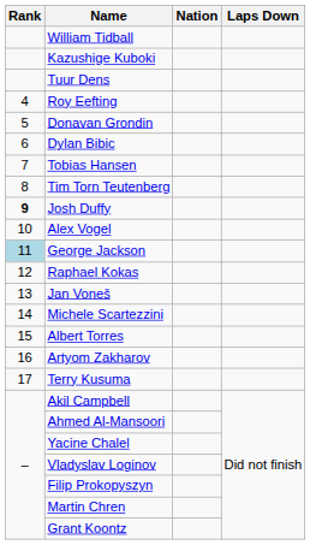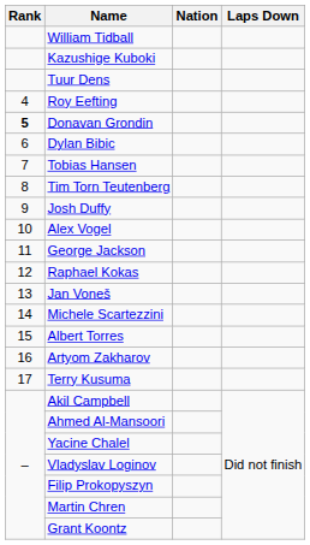 <table class="wikitable sortable" style="text-align:center">
 <tr>
 <th>Rank</th>
 <th>Name</th>
 <th>Nation</th>
 <th>Laps Down</th>
 </tr>
 <tr>
 <td></td>
 <td align=left><a href='#'>William Tidball</a></td>
 <td align=left></td>
 <td></td>
 </tr>
 <tr>
 <td></td>
 <td align=left><a href='#'>Kazushige Kuboki</a></td>
 <td align=left></td>
 <td></td>
 </tr>
 <tr>
 <td></td>
 <td align=left><a href='#'>Tuur Dens</a></td>
 <td align=left></td>
 <td></td>
 </tr>
 <tr>
 <td>4</td>
 <td align=left><a href='#'>Roy Eefting</a></td>
 <td align=left></td>
 <td></td>
 </tr>
 <tr>
-<td>5</td>
+<td><strong>5</strong></td>
 <td align=left><a href='#'>Donavan Grondin</a></td>
 <td align=left></td>
 <td></td>
 </tr>
 <tr>
 <td>6</td>
 <td align=left><a href='#'>Dylan Bibic</a></td>
 <td align=left></td>
 <td></td>
 </tr>
 <tr>
 <td>7</td>
 <td align=left><a href='#'>Tobias Hansen</a></td>
 <td align=left></td>
 <td></td>
 </tr>
 <tr>
 <td>8</td>
 <td align=left><a href='#'>Tim Torn Teutenberg</a></td>
 <td align=left></td>
 <td></td>
 </tr>
 <tr>
-<td><strong>9</strong></td>
+<td>9</td>
 <td align=left><a href='#'>Josh Duffy</a></td>
 <td align=left></td>
 <td></td>
 </tr>
 <tr>
 <td>10</td>
 <td align=left><a href='#'>Alex Vogel</a></td>
 <td align=left></td>
 <td></td>
 </tr>
 <tr>
-<td style="background: lightblue;">11</td>
+<td>11</td>
 <td align=left><a href='#'>George Jackson</a></td>
 <td align=left></td>
 <td></td>
 </tr>
 <tr>
 <td>12</td>
 <td align=left><a href='#'>Raphael Kokas</a></td>
 <td align=left></td>
 <td></td>
 </tr>
 <tr>
 <td>13</td>
 <td align=left><a href='#'>Jan Voneš</a></td>
 <td align=left></td>
 <td></td>
 </tr>
 <tr>
 <td>14</td>
 <td align=left><a href='#'>Michele Scartezzini</a></td>
 <td align=left></td>
 <td></td>
 </tr>
 <tr>
 <td>15</td>
 <td align=left><a href='#'>Albert Torres</a></td>
 <td align=left></td>
 <td></td>
 </tr>
 <tr>
 <td>16</td>
 <td align=left><a href='#'>Artyom Zakharov</a></td>
 <td align=left></td>
 <td></td>
 </tr>
 <tr>
 <td>17</td>
 <td align=left><a href='#'>Terry Kusuma</a></td>
 <td align=left></td>
 <td></td>
 </tr>
 <tr>
 <td rowspan=7>–</td>
 <td align=left><a href='#'>Akil Campbell</a></td>
 <td align=left></td>
 <td rowspan=7>Did not finish</td>
 </tr>
 <tr>
 <td align=left><a href='#'>Ahmed Al-Mansoori</a></td>
 <td align=left></td>
 </tr>
 <tr>
 <td align=left><a href='#'>Yacine Chalel</a></td>
 <td align=left></td>
 </tr>
 <tr>
 <td align=left><a href='#'>Vladyslav Loginov</a></td>
 <td align=left></td>
 </tr>
 <tr>
 <td align=left><a href='#'>Filip Prokopyszyn</a></td>
 <td align=left></td>
 </tr>
 <tr>
 <td align=left><a href='#'>Martin Chren</a></td>
 <td align=left></td>
 </tr>
 <tr>
 <td align=left><a href='#'>Grant Koontz</a></td>
 <td align=left></td>
 </tr>
 </table>
